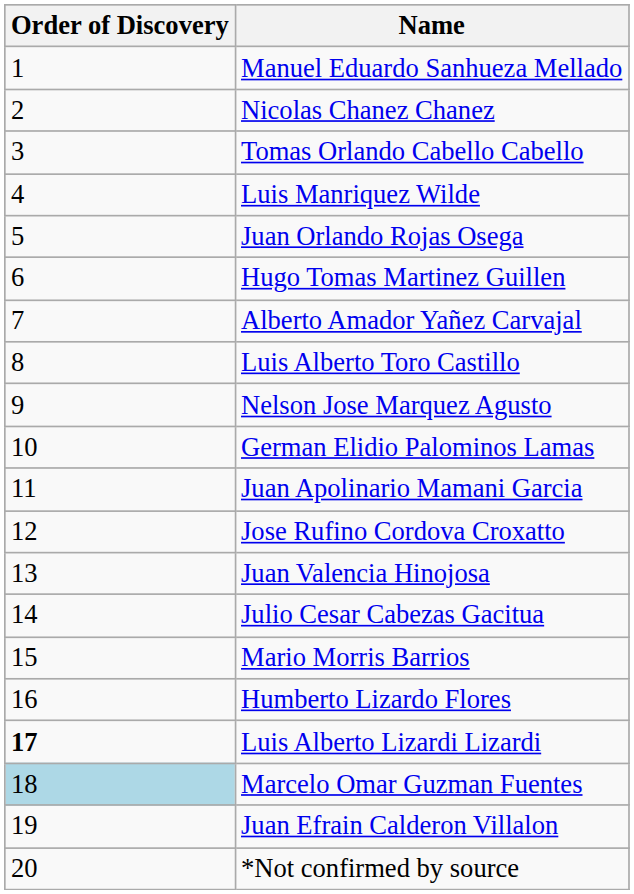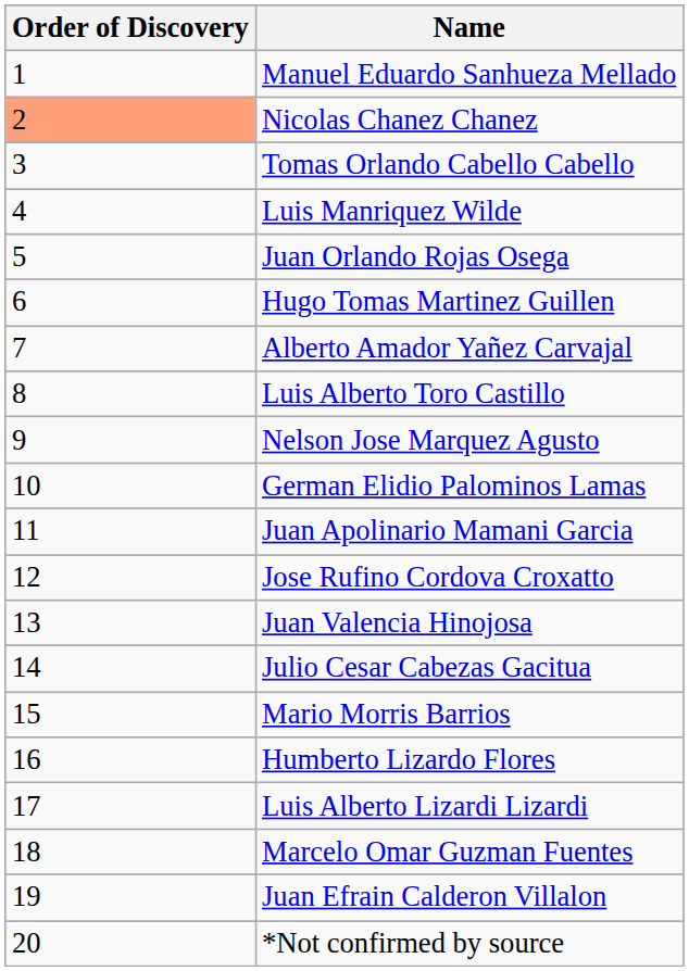 <table class="wikitable sortable" style="border-collapse: collapse;" class="wikitable sortable">
 <tr>
 <th>Order of Discovery</th>
 <th>Name</th>
 </tr>
 <tr>
 <td>1</td>
 <td><a href='#'>Manuel Eduardo Sanhueza Mellado</a></td>
 </tr>
 <tr>
-<td>2</td>
+<td style="background: lightsalmon;">2</td>
 <td><a href='#'>Nicolas Chanez Chanez</a></td>
 </tr>
 <tr>
 <td>3</td>
 <td><a href='#'>Tomas Orlando Cabello Cabello</a></td>
 </tr>
 <tr>
 <td>4</td>
 <td><a href='#'>Luis Manriquez Wilde</a></td>
 </tr>
 <tr>
 <td>5</td>
 <td><a href='#'>Juan Orlando Rojas Osega</a></td>
 </tr>
 <tr>
 <td>6</td>
 <td><a href='#'>Hugo Tomas Martinez Guillen</a></td>
 </tr>
 <tr>
 <td>7</td>
 <td><a href='#'>Alberto Amador Yañez Carvajal</a></td>
 </tr>
 <tr>
 <td>8</td>
 <td><a href='#'>Luis Alberto Toro Castillo</a></td>
 </tr>
 <tr>
 <td>9</td>
 <td><a href='#'>Nelson Jose Marquez Agusto</a></td>
 </tr>
 <tr>
 <td>10</td>
 <td><a href='#'>German Elidio Palominos Lamas</a></td>
 </tr>
 <tr>
 <td>11</td>
 <td><a href='#'>Juan Apolinario Mamani Garcia</a></td>
 </tr>
 <tr>
 <td>12</td>
 <td><a href='#'>Jose Rufino Cordova Croxatto</a></td>
 </tr>
 <tr>
 <td>13</td>
 <td><a href='#'>Juan Valencia Hinojosa</a></td>
 </tr>
 <tr>
 <td>14</td>
 <td><a href='#'>Julio Cesar Cabezas Gacitua</a></td>
 </tr>
 <tr>
 <td>15</td>
 <td><a href='#'>Mario Morris Barrios</a></td>
 </tr>
 <tr>
 <td>16</td>
 <td><a href='#'>Humberto Lizardo Flores</a></td>
 </tr>
 <tr>
-<td><strong>17</strong></td>
+<td>17</td>
 <td><a href='#'>Luis Alberto Lizardi Lizardi</a></td>
 </tr>
 <tr>
-<td style="background: lightblue;">18</td>
+<td>18</td>
 <td><a href='#'>Marcelo Omar Guzman Fuentes</a></td>
 </tr>
 <tr>
 <td>19</td>
 <td><a href='#'>Juan Efrain Calderon Villalon</a></td>
 </tr>
 <tr>
 <td>20</td>
 <td>*Not confirmed by source</td>
 </tr>
 </table>
